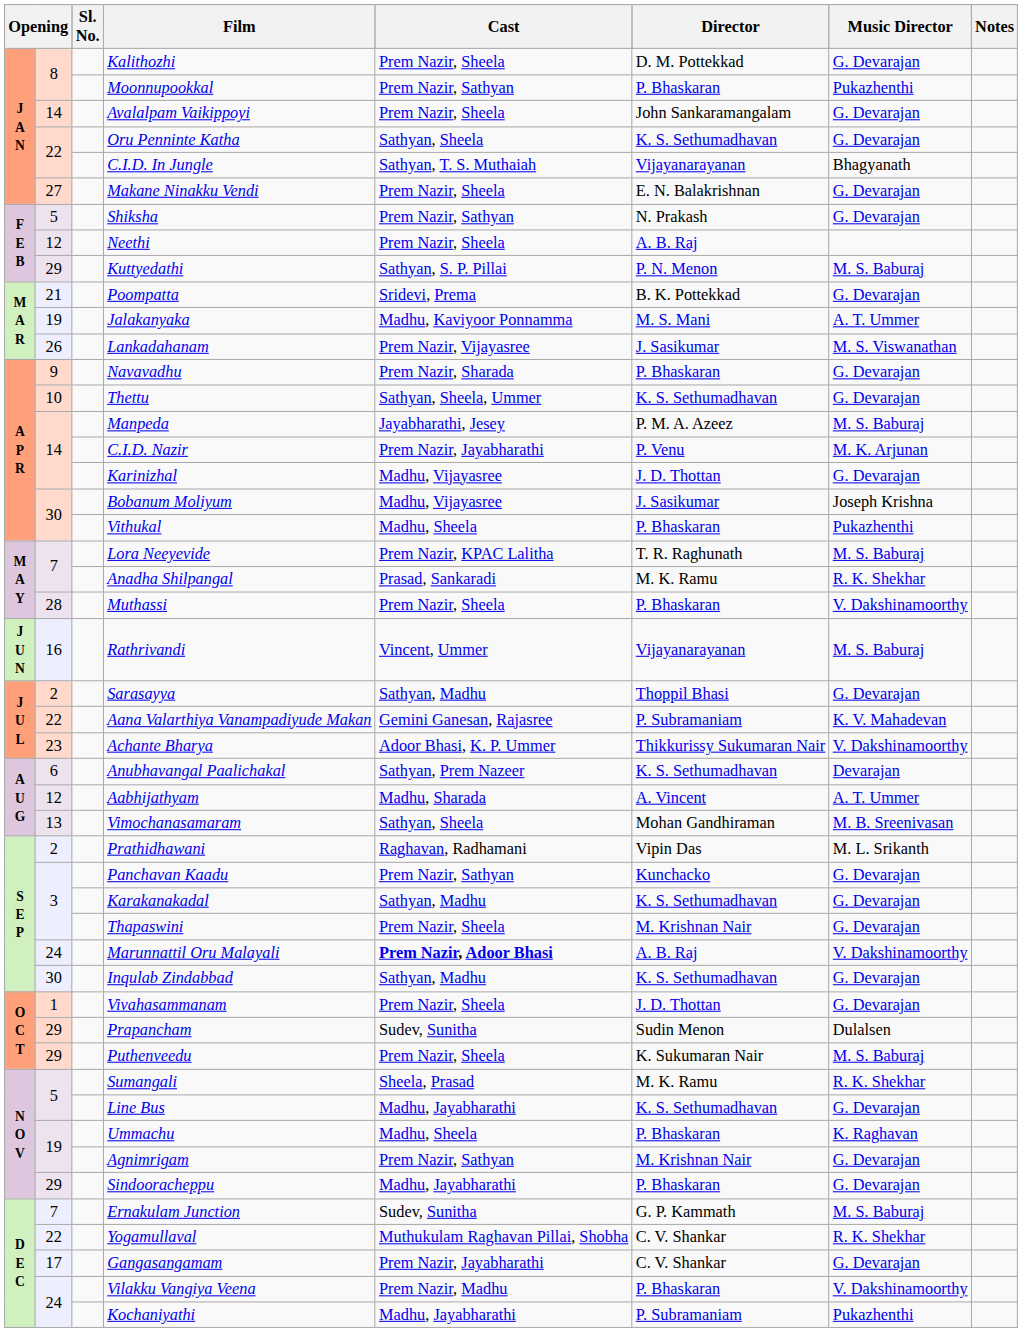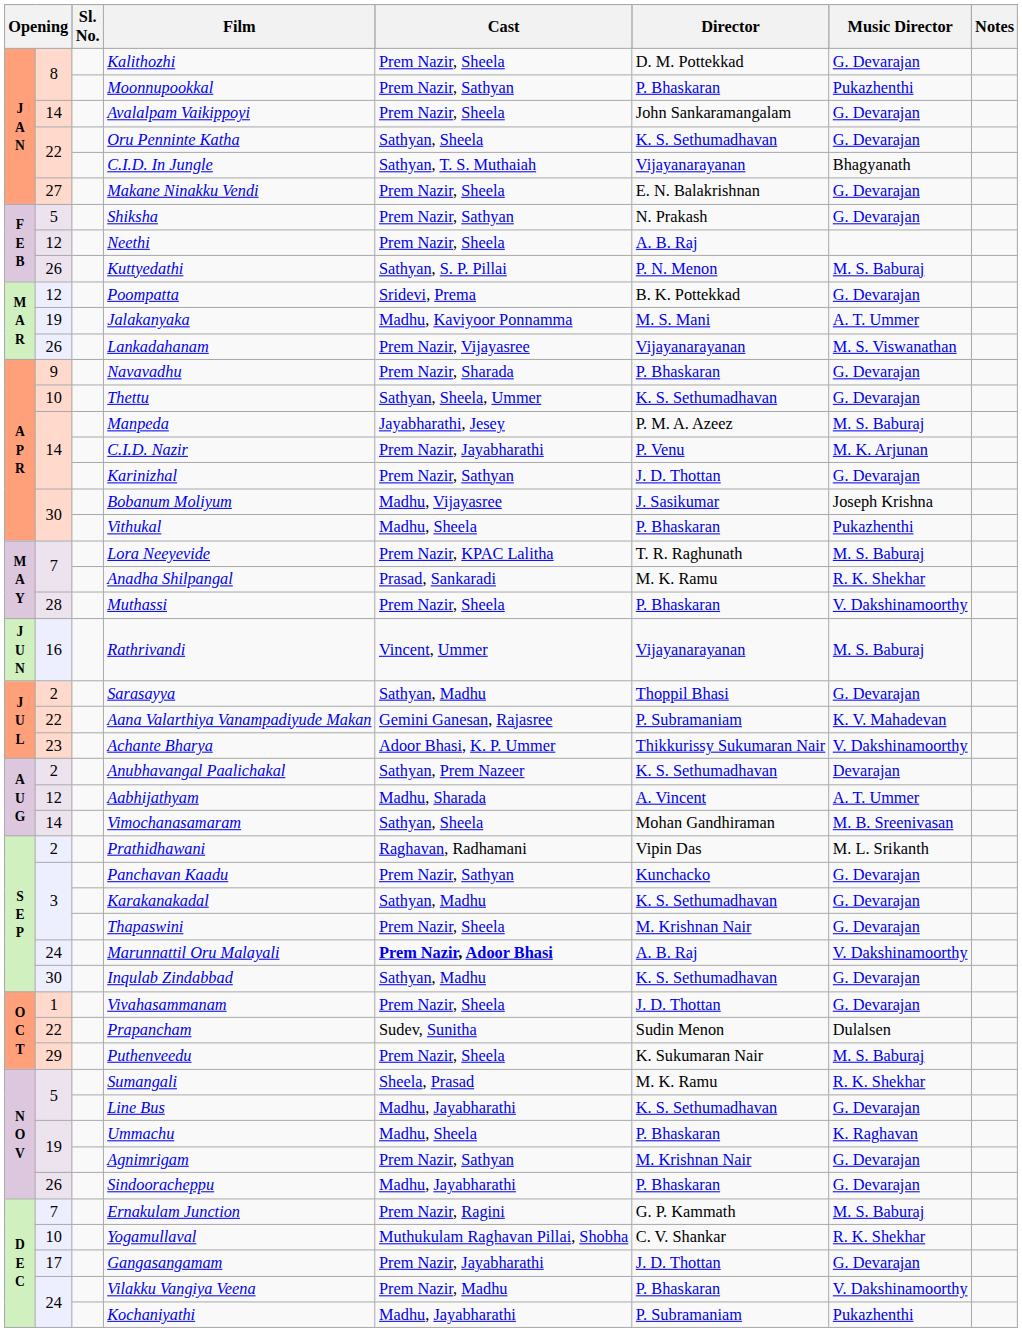 <table class="wikitable sortable">
 <tr style="background:#000;">
 <th colspan='2'>Opening</th>
 <th>Sl.<br>No.</th>
 <th>Film</th>
 <th>Cast</th>
 <th>Director</th>
 <th>Music Director</th>
 <th>Notes</th>
 </tr>
 <tr>
 <td rowspan="6" style="text-align:center; background:#ffa07a; textcolor:#000;"><small><strong>J<br>A<br>N</strong></small></td>
 <td rowspan="2" style="text-align:center; background:#ffdacc; textcolor:#000;">8</td>
 <td valign="center"></td>
 <td><em><a href='#'>Kalithozhi</a></em></td>
 <td><a href='#'>Prem Nazir</a>, <a href='#'>Sheela</a></td>
 <td>D. M. Pottekkad</td>
 <td><a href='#'>G. Devarajan</a></td>
 <td></td>
 </tr>
 <tr>
 <td valign="center"></td>
 <td><em><a href='#'>Moonnupookkal</a></em></td>
 <td><a href='#'>Prem Nazir</a>, <a href='#'>Sathyan</a></td>
 <td><a href='#'>P. Bhaskaran</a></td>
 <td><a href='#'>Pukazhenthi</a></td>
 <td></td>
 </tr>
 <tr>
 <td rowspan="1" style="text-align:center; background:#ffdacc; textcolor:#000;">14</td>
 <td valign="center"></td>
 <td><em><a href='#'>Avalalpam Vaikippoyi</a></em></td>
 <td><a href='#'>Prem Nazir</a>, <a href='#'>Sheela</a></td>
 <td>John Sankaramangalam</td>
 <td><a href='#'>G. Devarajan</a></td>
 <td></td>
 </tr>
 <tr>
 <td rowspan="2" style="text-align:center; background:#ffdacc; textcolor:#000;">22</td>
 <td valign="center"></td>
 <td><em><a href='#'>Oru Penninte Katha</a></em></td>
 <td><a href='#'>Sathyan</a>, <a href='#'>Sheela</a></td>
 <td><a href='#'>K. S. Sethumadhavan</a></td>
 <td><a href='#'>G. Devarajan</a></td>
 <td></td>
 </tr>
 <tr>
 <td valign="center"></td>
 <td><em><a href='#'>C.I.D. In Jungle</a></em></td>
 <td><a href='#'>Sathyan</a>, <a href='#'>T. S. Muthaiah</a></td>
 <td><a href='#'>Vijayanarayanan</a></td>
 <td>Bhagyanath</td>
 <td></td>
 </tr>
 <tr>
 <td rowspan="1" style="text-align:center; background:#ffdacc; textcolor:#000;">27</td>
 <td valign="center"></td>
 <td><em><a href='#'>Makane Ninakku Vendi</a></em></td>
 <td><a href='#'>Prem Nazir</a>, <a href='#'>Sheela</a></td>
 <td>E. N. Balakrishnan</td>
 <td><a href='#'>G. Devarajan</a></td>
 <td></td>
 </tr>
 <tr>
 <td rowspan="3" style="text-align:center; background:#dcc7df; textcolor:#000;"><small><strong>F<br>E<br>B</strong></small></td>
 <td rowspan="1" style="text-align:center; background:#ede3ef; textcolor:#000;">5</td>
 <td valign="center"></td>
 <td><em><a href='#'>Shiksha</a></em></td>
 <td><a href='#'>Prem Nazir</a>, <a href='#'>Sathyan</a></td>
 <td>N. Prakash</td>
 <td><a href='#'>G. Devarajan</a></td>
 <td></td>
 </tr>
 <tr>
 <td rowspan="1" style="text-align:center; background:#ede3ef; textcolor:#000;">12</td>
 <td valign="center"></td>
 <td><em><a href='#'>Neethi</a></em></td>
 <td><a href='#'>Prem Nazir</a>, <a href='#'>Sheela</a></td>
 <td><a href='#'>A. B. Raj</a></td>
 <td></td>
 <td></td>
 </tr>
 <tr>
-<td rowspan="1" style="text-align:center; background:#ede3ef; textcolor:#000;">29</td>
+<td rowspan="1" style="text-align:center; background:#ede3ef; textcolor:#000;">26</td>
 <td valign="center"></td>
 <td><em><a href='#'>Kuttyedathi</a></em></td>
 <td><a href='#'>Sathyan</a>, <a href='#'>S. P. Pillai</a></td>
 <td><a href='#'>P. N. Menon</a></td>
 <td><a href='#'>M. S. Baburaj</a></td>
 <td></td>
 </tr>
 <tr>
 <td rowspan="3" style="text-align:center; background:#d0f0c0; textcolor:#000;"><small><strong>M<br>A<br>R</strong></small></td>
-<td rowspan="1" style="text-align:center; background:#edefff; textcolor:#000;">21</td>
+<td rowspan="1" style="text-align:center; background:#edefff; textcolor:#000;">12</td>
 <td valign="center"></td>
 <td><em><a href='#'>Poompatta</a></em></td>
 <td><a href='#'>Sridevi</a>, <a href='#'>Prema</a></td>
 <td>B. K. Pottekkad</td>
 <td><a href='#'>G. Devarajan</a></td>
 <td></td>
 </tr>
 <tr>
 <td rowspan="1" style="text-align:center; background:#edefff; textcolor:#000;">19</td>
 <td valign="center"></td>
 <td><em><a href='#'>Jalakanyaka</a></em></td>
 <td><a href='#'>Madhu</a>, <a href='#'>Kaviyoor Ponnamma</a></td>
 <td><a href='#'>M. S. Mani</a></td>
 <td><a href='#'>A. T. Ummer</a></td>
 <td></td>
 </tr>
 <tr>
 <td rowspan="1" style="text-align:center; background:#edefff; textcolor:#000;">26</td>
 <td valign="center"></td>
 <td><em><a href='#'>Lankadahanam</a></em></td>
 <td><a href='#'>Prem Nazir</a>, <a href='#'>Vijayasree</a></td>
-<td><a href='#'>J. Sasikumar</a></td>
+<td><a href='#'>Vijayanarayanan</a></td>
 <td><a href='#'>M. S. Viswanathan</a></td>
 <td></td>
 </tr>
 <tr>
 <td rowspan="7" style="text-align:center; background:#ffa07a; textcolor:#000;"><small><strong>A<br>P<br>R</strong></small></td>
 <td rowspan="1" style="text-align:center; background:#ffdacc; textcolor:#000;">9</td>
 <td valign="center"></td>
 <td><em><a href='#'>Navavadhu</a></em></td>
 <td><a href='#'>Prem Nazir</a>, <a href='#'>Sharada</a></td>
 <td><a href='#'>P. Bhaskaran</a></td>
 <td><a href='#'>G. Devarajan</a></td>
 <td></td>
 </tr>
 <tr>
 <td rowspan="1" style="text-align:center; background:#ffdacc; textcolor:#000;">10</td>
 <td valign="center"></td>
 <td><em><a href='#'>Thettu</a></em></td>
 <td><a href='#'>Sathyan</a>, <a href='#'>Sheela</a>, <a href='#'>Ummer</a></td>
 <td><a href='#'>K. S. Sethumadhavan</a></td>
 <td><a href='#'>G. Devarajan</a></td>
 <td></td>
 </tr>
 <tr>
 <td rowspan="3" style="text-align:center; background:#ffdacc; textcolor:#000;">14</td>
 <td valign="center"></td>
 <td><em><a href='#'>Manpeda</a></em></td>
 <td><a href='#'>Jayabharathi</a>, <a href='#'>Jesey</a></td>
 <td>P. M. A. Azeez</td>
 <td><a href='#'>M. S. Baburaj</a></td>
 <td></td>
 </tr>
 <tr>
 <td valign="center"></td>
 <td><em><a href='#'>C.I.D. Nazir</a></em></td>
 <td><a href='#'>Prem Nazir</a>, <a href='#'>Jayabharathi</a></td>
 <td><a href='#'>P. Venu</a></td>
 <td><a href='#'>M. K. Arjunan</a></td>
 <td></td>
 </tr>
 <tr>
 <td valign="center"></td>
 <td><em><a href='#'>Karinizhal</a></em></td>
-<td><a href='#'>Madhu</a>, <a href='#'>Vijayasree</a></td>
+<td><a href='#'>Prem Nazir</a>, <a href='#'>Sathyan</a></td>
 <td><a href='#'>J. D. Thottan</a></td>
 <td><a href='#'>G. Devarajan</a></td>
 <td></td>
 </tr>
 <tr>
 <td rowspan="2" style="text-align:center; background:#ffdacc; textcolor:#000;">30</td>
 <td valign="center"></td>
 <td><em><a href='#'>Bobanum Moliyum</a></em></td>
 <td><a href='#'>Madhu</a>, <a href='#'>Vijayasree</a></td>
 <td><a href='#'>J. Sasikumar</a></td>
 <td>Joseph Krishna</td>
 <td></td>
 </tr>
 <tr>
 <td valign="center"></td>
 <td><em><a href='#'>Vithukal</a></em></td>
 <td><a href='#'>Madhu</a>, <a href='#'>Sheela</a></td>
 <td><a href='#'>P. Bhaskaran</a></td>
 <td><a href='#'>Pukazhenthi</a></td>
 <td></td>
 </tr>
 <tr>
 <td rowspan="3" style="text-align:center; background:#dcc7df; textcolor:#000;"><small><strong>M<br>A<br>Y</strong></small></td>
 <td rowspan="2" style="text-align:center; background:#ede3ef; textcolor:#000;">7</td>
 <td valign="center"></td>
 <td><em><a href='#'>Lora Neeyevide</a></em></td>
 <td><a href='#'>Prem Nazir</a>, <a href='#'>KPAC Lalitha</a></td>
 <td>T. R. Raghunath</td>
 <td><a href='#'>M. S. Baburaj</a></td>
 <td></td>
 </tr>
 <tr>
 <td valign="center"></td>
 <td><em><a href='#'>Anadha Shilpangal</a></em></td>
 <td><a href='#'>Prasad</a>, <a href='#'>Sankaradi</a></td>
 <td>M. K. Ramu</td>
 <td><a href='#'>R. K. Shekhar</a></td>
 <td></td>
 </tr>
 <tr>
 <td rowspan="1" style="text-align:center; background:#ede3ef; textcolor:#000;">28</td>
 <td valign="center"></td>
 <td><em><a href='#'>Muthassi</a></em></td>
 <td><a href='#'>Prem Nazir</a>, <a href='#'>Sheela</a></td>
 <td><a href='#'>P. Bhaskaran</a></td>
 <td><a href='#'>V. Dakshinamoorthy</a></td>
 <td></td>
 </tr>
 <tr>
 <td rowspan="1" style="text-align:center; background:#d0f0c0; textcolor:#000;"><small><strong>J<br>U<br>N</strong></small></td>
 <td rowspan="1" style="text-align:center; background:#edefff; textcolor:#000;">16</td>
 <td valign="center"></td>
 <td><em><a href='#'>Rathrivandi</a></em></td>
 <td><a href='#'>Vincent</a>, <a href='#'>Ummer</a></td>
 <td><a href='#'>Vijayanarayanan</a></td>
 <td><a href='#'>M. S. Baburaj</a></td>
 <td></td>
 </tr>
 <tr>
 <td rowspan="3" style="text-align:center; background:#ffa07a; textcolor:#000;"><small><strong>J<br>U<br>L</strong></small></td>
 <td rowspan="1" style="text-align:center; background:#ffdacc; textcolor:#000;">2</td>
 <td valign="center"></td>
 <td><em><a href='#'>Sarasayya</a></em></td>
 <td><a href='#'>Sathyan</a>, <a href='#'>Madhu</a></td>
 <td><a href='#'>Thoppil Bhasi</a></td>
 <td><a href='#'>G. Devarajan</a></td>
 <td></td>
 </tr>
 <tr>
 <td rowspan="1" style="text-align:center; background:#ffdacc; textcolor:#000;">22</td>
 <td valign="center"></td>
 <td><em><a href='#'>Aana Valarthiya Vanampadiyude Makan</a></em></td>
 <td><a href='#'>Gemini Ganesan</a>, <a href='#'>Rajasree</a></td>
 <td><a href='#'>P. Subramaniam</a></td>
 <td><a href='#'>K. V. Mahadevan</a></td>
 <td></td>
 </tr>
 <tr>
 <td rowspan="1" style="text-align:center; background:#ffdacc; textcolor:#000;">23</td>
 <td valign="center"></td>
 <td><em><a href='#'>Achante Bharya</a></em></td>
 <td><a href='#'>Adoor Bhasi</a>, <a href='#'>K. P. Ummer</a></td>
 <td><a href='#'>Thikkurissy Sukumaran Nair</a></td>
 <td><a href='#'>V. Dakshinamoorthy</a></td>
 <td></td>
 </tr>
 <tr>
 <td rowspan="3" style="text-align:center; background:#dcc7df; textcolor:#000;"><small><strong>A<br>U<br>G</strong></small></td>
-<td rowspan="1" style="text-align:center; background:#ede3ef; textcolor:#000;">6</td>
+<td rowspan="1" style="text-align:center; background:#ede3ef; textcolor:#000;">2</td>
 <td valign="center"></td>
 <td><em><a href='#'>Anubhavangal Paalichakal</a></em></td>
 <td><a href='#'>Sathyan</a>, <a href='#'>Prem Nazeer</a></td>
 <td><a href='#'>K. S. Sethumadhavan</a></td>
 <td><a href='#'>Devarajan</a></td>
 <td></td>
 </tr>
 <tr>
 <td rowspan="1" style="text-align:center; background:#ede3ef; textcolor:#000;">12</td>
 <td valign="center"></td>
 <td><em><a href='#'>Aabhijathyam</a></em></td>
 <td><a href='#'>Madhu</a>, <a href='#'>Sharada</a></td>
 <td><a href='#'>A. Vincent</a></td>
 <td><a href='#'>A. T. Ummer</a></td>
 <td></td>
 </tr>
 <tr>
-<td rowspan="1" style="text-align:center; background:#ede3ef; textcolor:#000;">13</td>
+<td rowspan="1" style="text-align:center; background:#ede3ef; textcolor:#000;">14</td>
 <td valign="center"></td>
 <td><em><a href='#'>Vimochanasamaram</a></em></td>
 <td><a href='#'>Sathyan</a>, <a href='#'>Sheela</a></td>
 <td>Mohan Gandhiraman</td>
 <td><a href='#'>M. B. Sreenivasan</a></td>
 <td></td>
 </tr>
 <tr>
 <td rowspan="6" style="text-align:center; background:#d0f0c0; textcolor:#000;"><small><strong>S<br>E<br>P</strong></small></td>
 <td rowspan="1" style="text-align:center; background:#edefff; textcolor:#000;">2</td>
 <td valign="center"></td>
 <td><em><a href='#'>Prathidhawani</a></em></td>
 <td><a href='#'>Raghavan</a>, Radhamani</td>
 <td>Vipin Das</td>
 <td>M. L. Srikanth</td>
 <td></td>
 </tr>
 <tr>
 <td rowspan="3" style="text-align:center; background:#edefff; textcolor:#000;">3</td>
 <td valign="center"></td>
 <td><em><a href='#'>Panchavan Kaadu</a></em></td>
 <td><a href='#'>Prem Nazir</a>, <a href='#'>Sathyan</a></td>
 <td><a href='#'>Kunchacko</a></td>
 <td><a href='#'>G. Devarajan</a></td>
 <td></td>
 </tr>
 <tr>
 <td valign="center"></td>
 <td><em><a href='#'>Karakanakadal</a></em></td>
 <td><a href='#'>Sathyan</a>, <a href='#'>Madhu</a></td>
 <td><a href='#'>K. S. Sethumadhavan</a></td>
 <td><a href='#'>G. Devarajan</a></td>
 <td></td>
 </tr>
 <tr>
 <td valign="center"></td>
 <td><em><a href='#'>Thapaswini</a></em></td>
 <td><a href='#'>Prem Nazir</a>, <a href='#'>Sheela</a></td>
 <td><a href='#'>M. Krishnan Nair</a></td>
 <td><a href='#'>G. Devarajan</a></td>
 <td></td>
 </tr>
 <tr>
 <td rowspan="1" style="text-align:center; background:#edefff; textcolor:#000;">24</td>
 <td valign="center"></td>
 <td><em><a href='#'>Marunnattil Oru Malayali</a></em></td>
 <td><strong><a href='#'>Prem Nazir</a>, <a href='#'>Adoor Bhasi</a></strong></td>
 <td><a href='#'>A. B. Raj</a></td>
 <td><a href='#'>V. Dakshinamoorthy</a></td>
 <td></td>
 </tr>
 <tr>
 <td rowspan="1" style="text-align:center; background:#edefff; textcolor:#000;">30</td>
 <td valign="center"></td>
 <td><em><a href='#'>Inqulab Zindabbad</a></em></td>
 <td><a href='#'>Sathyan</a>, <a href='#'>Madhu</a></td>
 <td><a href='#'>K. S. Sethumadhavan</a></td>
 <td><a href='#'>G. Devarajan</a></td>
 <td></td>
 </tr>
 <tr>
 <td rowspan="3" style="text-align:center; background:#ffa07a; textcolor:#000;"><small><strong>O<br>C<br>T</strong></small></td>
 <td rowspan="1" style="text-align:center; background:#ffdacc; textcolor:#000;">1</td>
 <td valign="center"></td>
 <td><em><a href='#'>Vivahasammanam</a></em></td>
 <td><a href='#'>Prem Nazir</a>, <a href='#'>Sheela</a></td>
 <td><a href='#'>J. D. Thottan</a></td>
 <td><a href='#'>G. Devarajan</a></td>
 <td></td>
 </tr>
 <tr>
-<td rowspan="1" style="text-align:center; background:#ffdacc; textcolor:#000;">29</td>
+<td rowspan="1" style="text-align:center; background:#ffdacc; textcolor:#000;">22</td>
 <td valign="center"></td>
 <td><em><a href='#'>Prapancham</a></em></td>
 <td>Sudev, <a href='#'>Sunitha</a></td>
 <td>Sudin Menon</td>
 <td>Dulalsen</td>
 <td></td>
 </tr>
 <tr>
 <td rowspan="1" style="text-align:center; background:#ffdacc; textcolor:#000;">29</td>
 <td valign="center"></td>
 <td><em><a href='#'>Puthenveedu</a></em></td>
 <td><a href='#'>Prem Nazir</a>, <a href='#'>Sheela</a></td>
 <td>K. Sukumaran Nair</td>
 <td><a href='#'>M. S. Baburaj</a></td>
 <td></td>
 </tr>
 <tr>
 <td rowspan="5" style="text-align:center; background:#dcc7df; textcolor:#000;"><small><strong>N<br>O<br>V</strong></small></td>
 <td rowspan="2" style="text-align:center; background:#ede3ef; textcolor:#000;">5</td>
 <td valign="center"></td>
 <td><em><a href='#'>Sumangali</a></em></td>
 <td><a href='#'>Sheela</a>, <a href='#'>Prasad</a></td>
 <td>M. K. Ramu</td>
 <td><a href='#'>R. K. Shekhar</a></td>
 <td></td>
 </tr>
 <tr>
 <td valign="center"></td>
 <td><em><a href='#'>Line Bus</a></em></td>
 <td><a href='#'>Madhu</a>, <a href='#'>Jayabharathi</a></td>
 <td><a href='#'>K. S. Sethumadhavan</a></td>
 <td><a href='#'>G. Devarajan</a></td>
 <td></td>
 </tr>
 <tr>
 <td rowspan="2" style="text-align:center; background:#ede3ef; textcolor:#000;">19</td>
 <td valign="center"></td>
 <td><em><a href='#'>Ummachu</a></em></td>
 <td><a href='#'>Madhu</a>, <a href='#'>Sheela</a></td>
 <td><a href='#'>P. Bhaskaran</a></td>
 <td><a href='#'>K. Raghavan</a></td>
 <td></td>
 </tr>
 <tr>
 <td valign="center"></td>
 <td><em><a href='#'>Agnimrigam</a></em></td>
 <td><a href='#'>Prem Nazir</a>, <a href='#'>Sathyan</a></td>
 <td><a href='#'>M. Krishnan Nair</a></td>
 <td><a href='#'>G. Devarajan</a></td>
 <td></td>
 </tr>
 <tr>
-<td rowspan="1" style="text-align:center; background:#ede3ef; textcolor:#000;">29</td>
+<td rowspan="1" style="text-align:center; background:#ede3ef; textcolor:#000;">26</td>
 <td valign="center"></td>
 <td><em><a href='#'>Sindooracheppu</a></em></td>
 <td><a href='#'>Madhu</a>, <a href='#'>Jayabharathi</a></td>
 <td><a href='#'>P. Bhaskaran</a></td>
 <td><a href='#'>G. Devarajan</a></td>
 <td></td>
 </tr>
 <tr>
 <td rowspan="5" style="text-align:center; background:#d0f0c0; textcolor:#000;"><small><strong>D<br>E<br>C</strong></small></td>
 <td rowspan="1" style="text-align:center; background:#edefff; textcolor:#000;">7</td>
 <td valign="center"></td>
 <td><em><a href='#'>Ernakulam Junction</a></em></td>
-<td>Sudev, <a href='#'>Sunitha</a></td>
+<td><a href='#'>Prem Nazir</a>, <a href='#'>Ragini</a></td>
 <td>G. P. Kammath</td>
 <td><a href='#'>M. S. Baburaj</a></td>
 <td></td>
 </tr>
 <tr>
-<td rowspan="1" style="text-align:center; background:#edefff; textcolor:#000;">22</td>
+<td rowspan="1" style="text-align:center; background:#edefff; textcolor:#000;">10</td>
 <td valign="center"></td>
 <td><em><a href='#'>Yogamullaval</a></em></td>
 <td><a href='#'>Muthukulam Raghavan Pillai</a>, <a href='#'>Shobha</a></td>
 <td>C. V. Shankar</td>
 <td><a href='#'>R. K. Shekhar</a></td>
 <td></td>
 </tr>
 <tr>
 <td rowspan="1" style="text-align:center; background:#edefff; textcolor:#000;">17</td>
 <td valign="center"></td>
 <td><em><a href='#'>Gangasangamam</a></em></td>
 <td><a href='#'>Prem Nazir</a>, <a href='#'>Jayabharathi</a></td>
-<td>C. V. Shankar</td>
+<td><a href='#'>J. D. Thottan</a></td>
 <td><a href='#'>G. Devarajan</a></td>
 <td></td>
 </tr>
 <tr>
 <td rowspan="2" style="text-align:center; background:#edefff; textcolor:#000;">24</td>
 <td valign="center"></td>
 <td><em><a href='#'>Vilakku Vangiya Veena</a></em></td>
 <td><a href='#'>Prem Nazir</a>, <a href='#'>Madhu</a></td>
 <td><a href='#'>P. Bhaskaran</a></td>
 <td><a href='#'>V. Dakshinamoorthy</a></td>
 <td></td>
 </tr>
 <tr>
 <td valign="center"></td>
 <td><em><a href='#'>Kochaniyathi</a></em></td>
 <td><a href='#'>Madhu</a>, <a href='#'>Jayabharathi</a></td>
 <td><a href='#'>P. Subramaniam</a></td>
 <td><a href='#'>Pukazhenthi</a></td>
 <td></td>
 </tr>
 </table>
